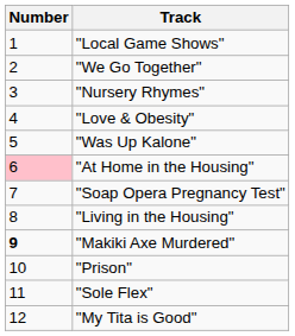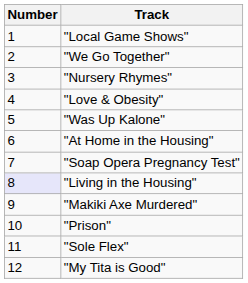 <table class="wikitable">
 <tr>
 <th>Number</th>
 <th>Track</th>
 </tr>
 <tr>
 <td>1</td>
 <td>"Local Game Shows"</td>
 </tr>
 <tr>
 <td>2</td>
 <td>"We Go Together"</td>
 </tr>
 <tr>
 <td>3</td>
 <td>"Nursery Rhymes"</td>
 </tr>
 <tr>
 <td>4</td>
 <td>"Love & Obesity"</td>
 </tr>
 <tr>
 <td>5</td>
 <td>"Was Up Kalone"</td>
 </tr>
 <tr>
-<td style="background: pink;">6</td>
+<td>6</td>
 <td>"At Home in the Housing"</td>
 </tr>
 <tr>
 <td>7</td>
 <td>"Soap Opera Pregnancy Test"</td>
 </tr>
 <tr>
-<td>8</td>
+<td style="background: lavender;">8</td>
 <td>"Living in the Housing"</td>
 </tr>
 <tr>
-<td><strong>9</strong></td>
+<td>9</td>
 <td>"Makiki Axe Murdered"</td>
 </tr>
 <tr>
 <td>10</td>
 <td>"Prison"</td>
 </tr>
 <tr>
 <td>11</td>
 <td>"Sole Flex"</td>
 </tr>
 <tr>
 <td>12</td>
 <td>"My Tita is Good"</td>
 </tr>
 </table>
